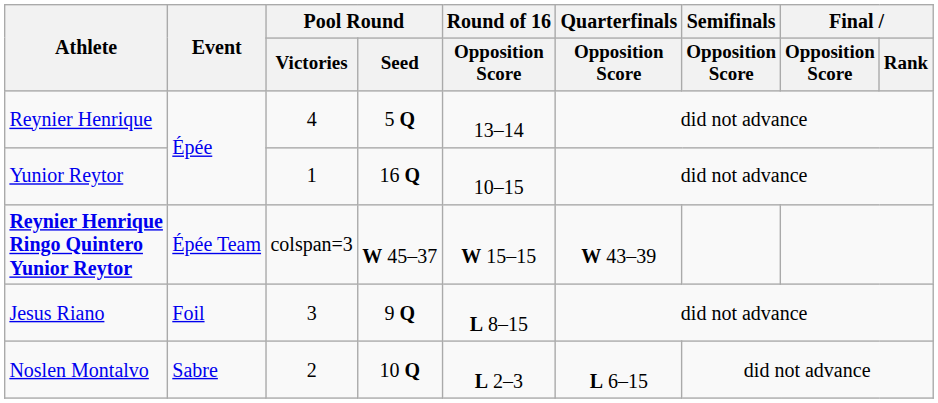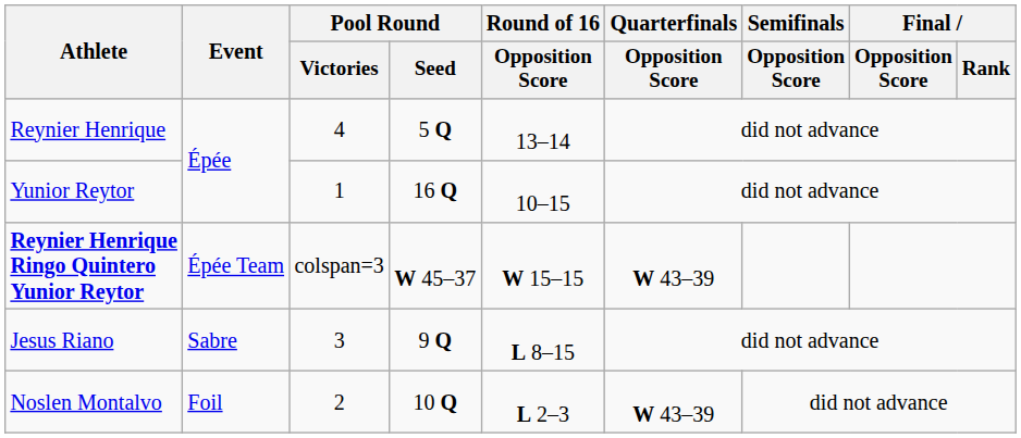 <table class=wikitable style="font-size:90%">
 <tr>
 <th rowspan="2">Athlete</th>
 <th rowspan="2">Event</th>
 <th colspan=2>Pool Round</th>
 <th>Round of 16</th>
 <th>Quarterfinals</th>
 <th>Semifinals</th>
 <th colspan=2>Final / </th>
 </tr>
 <tr style="font-size:95%">
 <th>Victories</th>
 <th>Seed</th>
 <th>Opposition<br>Score</th>
 <th>Opposition<br>Score</th>
 <th>Opposition<br>Score</th>
 <th>Opposition<br>Score</th>
 <th>Rank</th>
 </tr>
 <tr align=center>
 <td align=left><a href='#'>Reynier Henrique</a></td>
 <td align=left rowspan=2><a href='#'>Épée</a></td>
 <td>4</td>
 <td>5 <strong>Q</strong></td>
 <td><br>13–14</td>
 <td colspan=4>did not advance</td>
 </tr>
 <tr align=center>
 <td align=left><a href='#'>Yunior Reytor</a></td>
 <td>1</td>
 <td>16 <strong>Q</strong></td>
 <td><br>10–15</td>
 <td colspan=4>did not advance</td>
 </tr>
 <tr align=center>
 <td align=left><strong><a href='#'>Reynier Henrique</a><br><a href='#'>Ringo Quintero</a><br><a href='#'>Yunior Reytor</a></strong></td>
 <td align=left><a href='#'>Épée Team</a></td>
 <td>colspan=3 </td>
 <td><br><strong>W</strong> 45–37</td>
 <td><br><strong>W</strong> 15–15</td>
 <td><br><strong>W</strong> 43–39</td>
 <td></td>
 </tr>
 <tr align=center>
 <td align=left><a href='#'>Jesus Riano</a></td>
-<td align=left><a href='#'>Foil</a></td>
+<td align=left><a href='#'>Sabre</a></td>
 <td>3</td>
 <td>9 <strong>Q</strong></td>
 <td><br><strong>L</strong> 8–15</td>
 <td colspan=4>did not advance</td>
 </tr>
 <tr align=center>
 <td align=left><a href='#'>Noslen Montalvo</a></td>
-<td align=left><a href='#'>Sabre</a></td>
+<td align=left><a href='#'>Foil</a></td>
 <td>2</td>
 <td>10 <strong>Q</strong></td>
 <td><br><strong>L</strong> 2–3</td>
-<td><br><strong>L</strong> 6–15</td>
+<td><br><strong>W</strong> 43–39</td>
 <td colspan=3>did not advance</td>
 </tr>
 </table>
